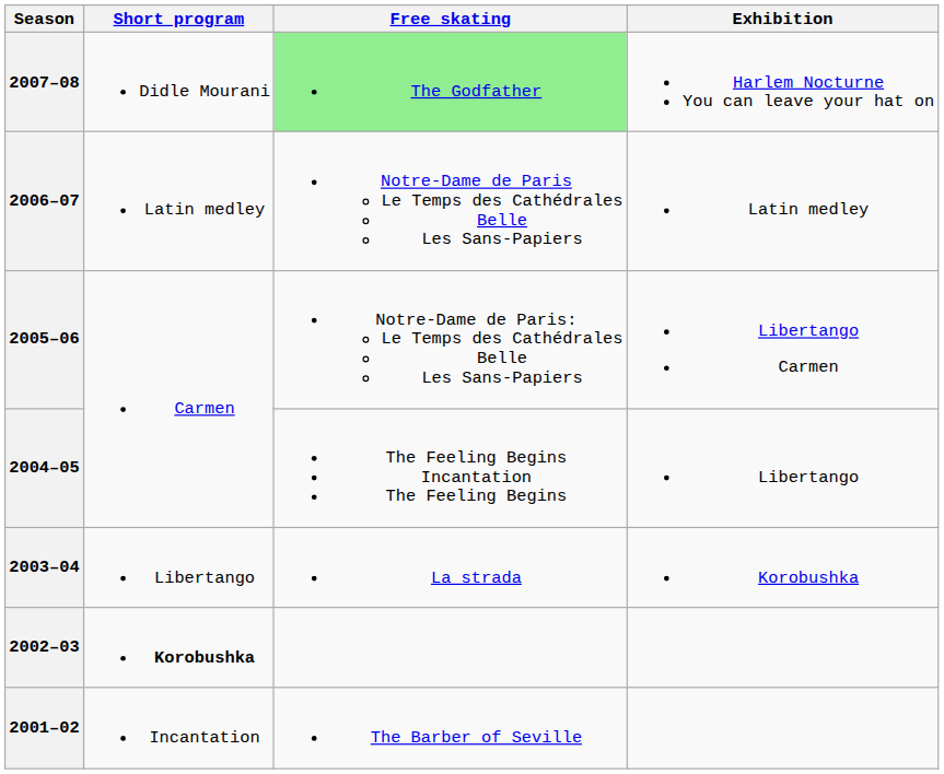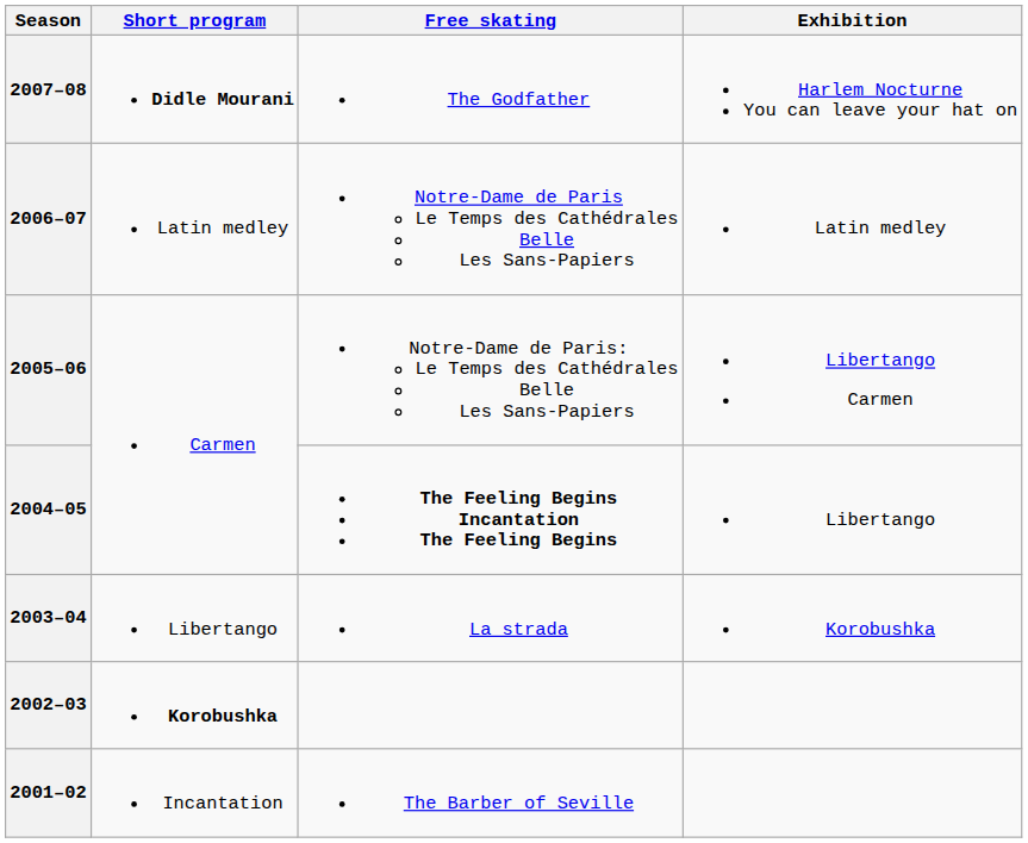 <table class="wikitable" style="text-align:center">
 <tr>
 <th>Season</th>
 <th><a href='#'>Short program</a></th>
 <th><a href='#'>Free skating</a></th>
 <th>Exhibition</th>
 </tr>
 <tr>
 <th>2007–08 <br> </th>
-<td><br><ul><li>Didle Mourani <br></li></ul></td>
-<td style="background: lightgreen;"><br><ul><li><a href='#'>The Godfather</a> <br> </li></ul></td>
+<td><strong><br><ul><li>Didle Mourani <br></li></ul></strong></td>
+<td><br><ul><li><a href='#'>The Godfather</a> <br> </li></ul></td>
 <td><br><ul><li><a href='#'>Harlem Nocturne</a> <br></li><li>You can leave your hat on <br></li></ul></td>
 </tr>
 <tr>
 <th>2006–07 <br> </th>
 <td><br><ul><li>Latin medley</li></ul></td>
 <td><br><ul><li><a href='#'>Notre-Dame de Paris</a> <br><ul><li>Le Temps des Cathédrales</li><li><a href='#'>Belle</a></li><li>Les Sans-Papiers</li></ul></li></ul></td>
 <td><br><ul><li>Latin medley</li></ul></td>
 </tr>
 <tr>
 <th>2005–06 <br> </th>
 <td rowspan=2><br><ul><li><a href='#'>Carmen</a> <br></li></ul></td>
 <td><br><ul><li>Notre-Dame de Paris:<ul><li>Le Temps des Cathédrales</li><li>Belle</li><li>Les Sans-Papiers</li></ul></li></ul></td>
 <td><br><ul><li><a href='#'>Libertango</a></li></ul><ul><li>Carmen</li></ul></td>
 </tr>
 <tr>
 <th>2004–05 <br> </th>
-<td><br><ul><li>The Feeling Begins <br></li><li>Incantation <br></li><li>The Feeling Begins <br></li></ul></td>
+<td><strong><br><ul><li>The Feeling Begins <br></li><li>Incantation <br></li><li>The Feeling Begins <br></li></ul></strong></td>
 <td><br><ul><li>Libertango</li></ul></td>
 </tr>
 <tr>
 <th>2003–04 <br> </th>
 <td><br><ul><li>Libertango <br></li></ul></td>
 <td><br><ul><li><a href='#'>La strada</a> <br></li></ul></td>
 <td><br><ul><li><a href='#'>Korobushka</a></li></ul></td>
 </tr>
 <tr>
 <th>2002–03 <br> </th>
 <td><strong><br><ul><li>Korobushka <br></li></ul></strong></td>
 <td></td>
 <td></td>
 </tr>
 <tr>
 <th>2001–02 <br> </th>
 <td><br><ul><li>Incantation <br></li></ul></td>
 <td><br><ul><li><a href='#'>The Barber of Seville</a> <br></li></ul></td>
 <td></td>
 </tr>
 </table>
